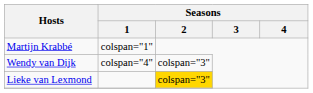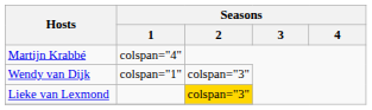 <table class="wikitable" width:"80%">
 <tr>
 <th rowspan="2"  width="135">Hosts</th>
 <th colspan="4" style="text-align:center;">Seasons</th>
 </tr>
 <tr>
 <th width="65">1</th>
 <th width="65">2</th>
 <th width="65">3</th>
 <th width="65">4</th>
 </tr>
 <tr>
 <td><a href='#'>Martijn Krabbé</a></td>
-<td>colspan="1" </td>
+<td>colspan="4" </td>
 </tr>
 <tr>
 <td><a href='#'>Wendy van Dijk</a></td>
-<td>colspan="4" </td>
+<td>colspan="1" </td>
 <td>colspan="3" </td>
 </tr>
 <tr>
 <td><a href='#'>Lieke van Lexmond</a></td>
 <td></td>
 <td style="background: gold;">colspan="3" </td>
 </tr>
 <tr>
 </tr>
 </table>
